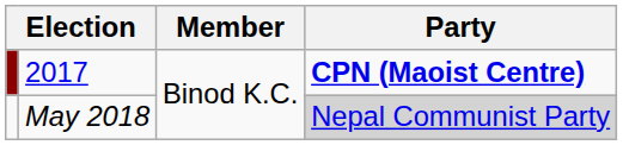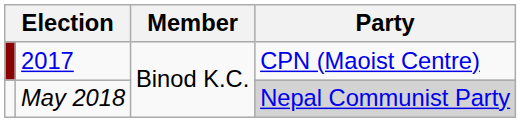 <table class="wikitable">
 <tr>
 <th colspan="2">Election</th>
 <th>Member</th>
 <th>Party</th>
 </tr>
 <tr>
 <td style="background-color:darkred"></td>
 <td><a href='#'>2017</a></td>
 <td rowspan="2">Binod K.C.</td>
-<td><strong><a href='#'>CPN (Maoist Centre)</a></strong></td>
+<td><a href='#'>CPN (Maoist Centre)</a></td>
 </tr>
 <tr>
 <td style="background-color:"></td>
 <td><em>May 2018</em></td>
 <td style="background: lightgrey;"><a href='#'>Nepal Communist Party</a></td>
 </tr>
 </table>
